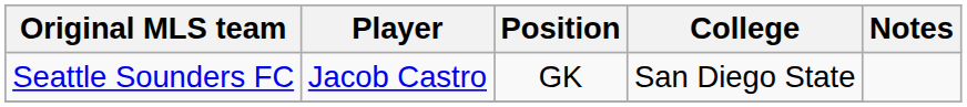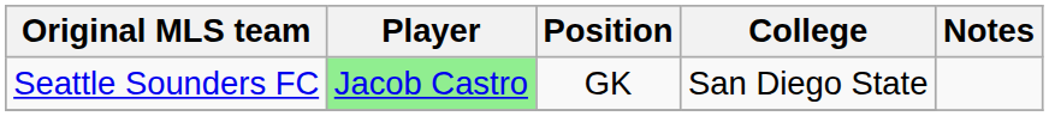 <table class="wikitable sortable" style="text-align:center">
 <tr>
 <th>Original MLS team</th>
 <th>Player</th>
 <th>Position</th>
 <th>College</th>
 <th>Notes</th>
 </tr>
 <tr>
 <td><a href='#'>Seattle Sounders FC</a></td>
-<td><a href='#'>Jacob Castro</a></td>
+<td style="background: lightgreen;"><a href='#'>Jacob Castro</a></td>
 <td>GK</td>
 <td>San Diego State</td>
 </tr>
 <tr>
 </tr>
 </table>
